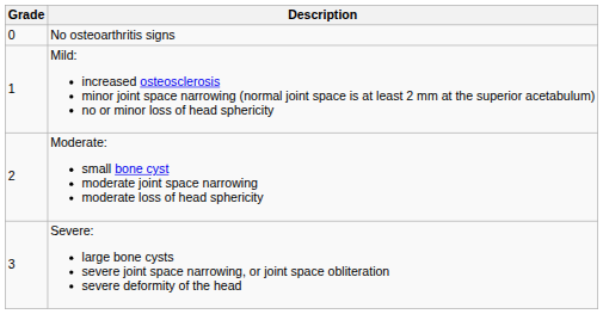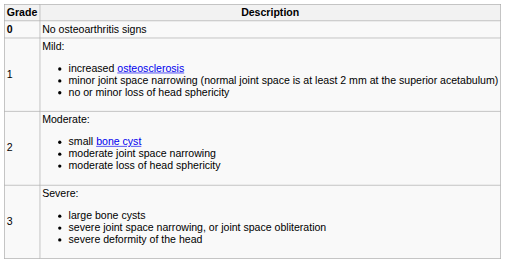 <table class="wikitable">
 <tr>
 <th>Grade</th>
 <th>Description</th>
 </tr>
 <tr>
-<td>0</td>
+<td><strong>0</strong></td>
 <td>No osteoarthritis signs</td>
 </tr>
 <tr>
 <td>1</td>
 <td>Mild:<br><ul><li>increased <a href='#'>osteosclerosis</a></li><li>minor joint space narrowing (normal joint space is at least 2 mm at the superior acetabulum)</li><li>no or minor loss of head sphericity</li></ul></td>
 </tr>
 <tr>
 <td>2</td>
 <td>Moderate:<br><ul><li>small <a href='#'>bone cyst</a></li><li>moderate joint space narrowing</li><li>moderate loss of head sphericity</li></ul></td>
 </tr>
 <tr>
 <td>3</td>
 <td>Severe:<br><ul><li>large bone cysts</li><li>severe joint space narrowing, or joint space obliteration</li><li>severe deformity of the head</li></ul></td>
 </tr>
 </table>
